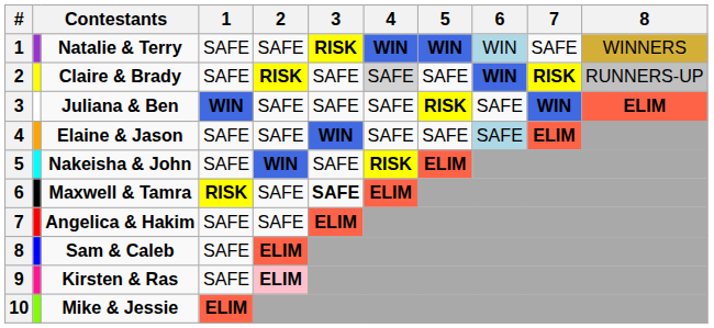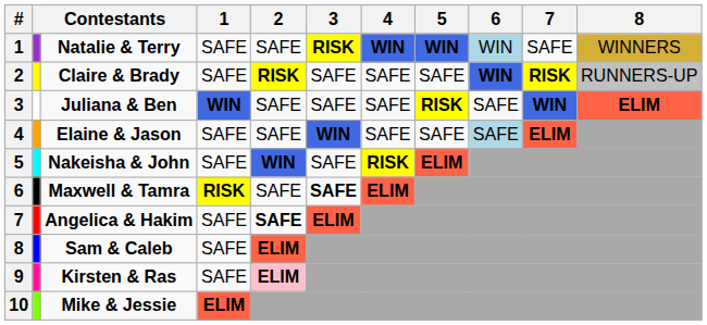 <table class="wikitable" style="text-align:center; font-size:96%;">
 <tr>
 <th>#</th>
 <th ! scope="col" colspan="2">Contestants</th>
 <th>1</th>
 <th>2</th>
 <th>3</th>
 <th>4</th>
 <th>5</th>
 <th>6</th>
 <th>7</th>
 <th>8</th>
 </tr>
 <tr>
 <th>1</th>
 <td style="background:#9a32cd; color:#fff;"></td>
 <td><strong>Natalie & Terry</strong></td>
 <td>SAFE</td>
 <td>SAFE</td>
 <td style="background:yellow;"><strong>RISK</strong></td>
 <td style="background:royalblue;"><strong>WIN</strong></td>
 <td style="background:royalblue;"><strong>WIN</strong></td>
 <td style="background:lightblue;">WIN</td>
 <td>SAFE</td>
 <td style="background:#D4AF37;">WINNERS</td>
 </tr>
 <tr>
 <th>2</th>
 <td style="background:#ff0; color:#fff;"></td>
 <td><strong>Claire & Brady</strong></td>
 <td>SAFE</td>
 <td style="background:yellow;"><strong>RISK</strong></td>
 <td>SAFE</td>
-<td style="background: lightgrey;">SAFE</td>
+<td>SAFE</td>
 <td>SAFE</td>
 <td style="background:royalblue;"><strong>WIN</strong></td>
 <td style="background:yellow;"><strong>RISK</strong></td>
 <td style="background:silver;">RUNNERS-UP</td>
 </tr>
 <tr>
 <th>3</th>
 <td style="background:#fff; color:#fff;"></td>
 <td><strong>Juliana & Ben</strong></td>
 <td style="background:royalblue;"><strong>WIN</strong></td>
 <td>SAFE</td>
 <td>SAFE</td>
 <td>SAFE</td>
 <td style="background:yellow;"><strong>RISK</strong></td>
 <td>SAFE</td>
 <td style="background:royalblue;"><strong>WIN</strong></td>
 <td style="background:tomato;"><strong>ELIM</strong></td>
 </tr>
 <tr>
 <th>4</th>
 <td style="background:orange; color:#fff;"></td>
 <td><strong>Elaine & Jason</strong></td>
 <td>SAFE</td>
 <td>SAFE</td>
 <td style="background:royalblue;"><strong>WIN</strong></td>
 <td>SAFE</td>
 <td>SAFE</td>
 <td style="background:lightblue;">SAFE</td>
 <td style="background:tomato;"><strong>ELIM</strong></td>
 <td style="background:darkgrey;" colspan="1"></td>
 </tr>
 <tr>
 <th>5</th>
 <td style="background:#0ff; color:#fff;"></td>
 <td><strong>Nakeisha & John</strong></td>
 <td>SAFE</td>
 <td style="background:royalblue;"><strong>WIN</strong></td>
 <td>SAFE</td>
 <td style="background:yellow;"><strong>RISK</strong></td>
 <td style="background:tomato;"><strong>ELIM</strong></td>
 <td style="background:darkgrey;" colspan="3"></td>
 </tr>
 <tr>
 <th>6</th>
 <td style="background:#000;color:white"></td>
 <td><strong>Maxwell & Tamra</strong></td>
 <td style="background:yellow;"><strong>RISK</strong></td>
 <td>SAFE</td>
 <td><strong>SAFE</strong></td>
 <td style="background:tomato;"><strong>ELIM</strong></td>
 <td style="background:darkgrey;" colspan="4"></td>
 </tr>
 <tr>
 <th>7</th>
 <td style="background:#f00; color:#fff;"></td>
 <td><strong>Angelica & Hakim</strong></td>
 <td>SAFE</td>
-<td>SAFE</td>
+<td><strong>SAFE</strong></td>
 <td style="background:tomato;"><strong>ELIM</strong></td>
 <td style="background:darkgrey;" colspan="5"></td>
 </tr>
 <tr>
 <th>8</th>
 <td style="background:#00f; color:#fff;"></td>
 <td><strong>Sam & Caleb</strong></td>
 <td>SAFE</td>
 <td style="background:tomato;"><strong>ELIM</strong></td>
 <td style="background:darkgrey;" colspan="6"></td>
 </tr>
 <tr>
 <th>9</th>
 <td style="background:deepPink; color:#fff;"></td>
 <td><strong>Kirsten & Ras</strong></td>
 <td>SAFE</td>
 <td style="background:pink;"><strong>ELIM</strong></td>
 <td style="background:darkgrey;" colspan="6"></td>
 </tr>
 <tr>
 <th>10</th>
 <td style="background:#7fff00;"></td>
 <td><strong>Mike & Jessie</strong></td>
 <td style="background:tomato;"><strong>ELIM</strong></td>
 <td style="background:darkgrey;" colspan="7"></td>
 </tr>
 </table>
